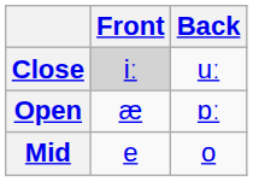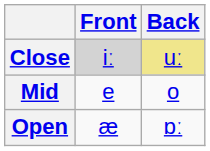 <table class="wikitable" style="text-align:center;">
 <tr>
 <th></th>
 <th><a href='#'>Front</a></th>
 <th><a href='#'>Back</a></th>
 </tr>
 <tr>
 <th><a href='#'>Close</a></th>
 <td style="background: lightgrey;"><a href='#'>iː</a></td>
-<td><a href='#'>uː</a></td>
+<td style="background: khaki;"><a href='#'>uː</a></td>
+</tr>
+<tr>
+<th><a href='#'>Mid</a></th>
+<td><a href='#'>e</a></td>
+<td><a href='#'>o</a></td>
 </tr>
 <tr>
 <th><a href='#'>Open</a></th>
 <td><a href='#'>æ</a></td>
 <td><a href='#'>ɒː</a></td>
 </tr>
-<tr>
-<th><a href='#'>Mid</a></th>
-<td><a href='#'>e</a></td>
-<td><a href='#'>o</a></td>
-</tr>
 </table>
